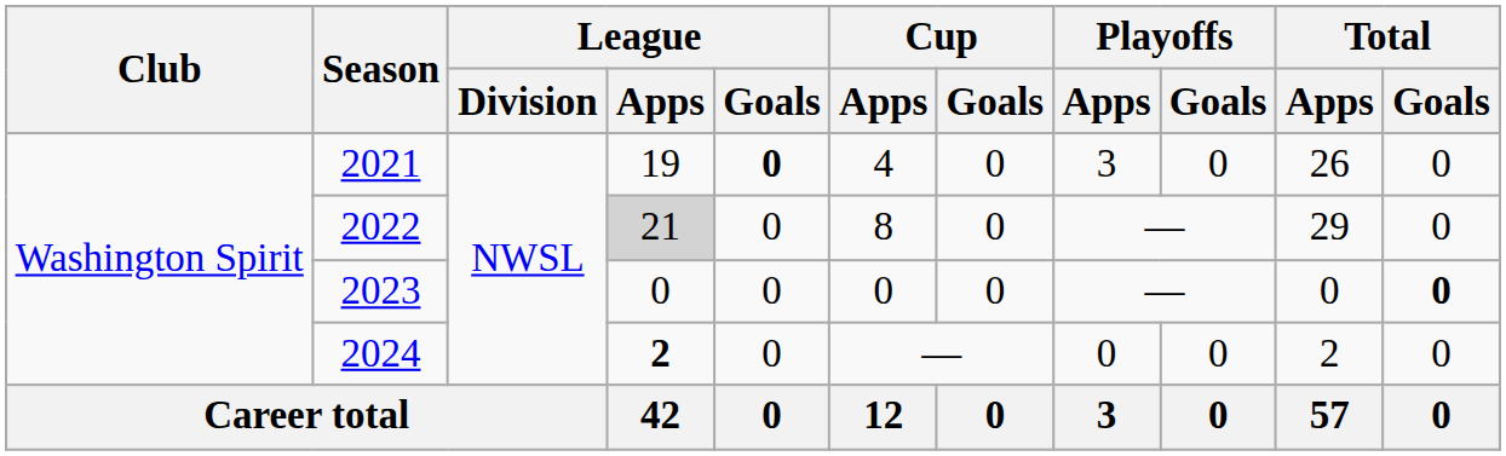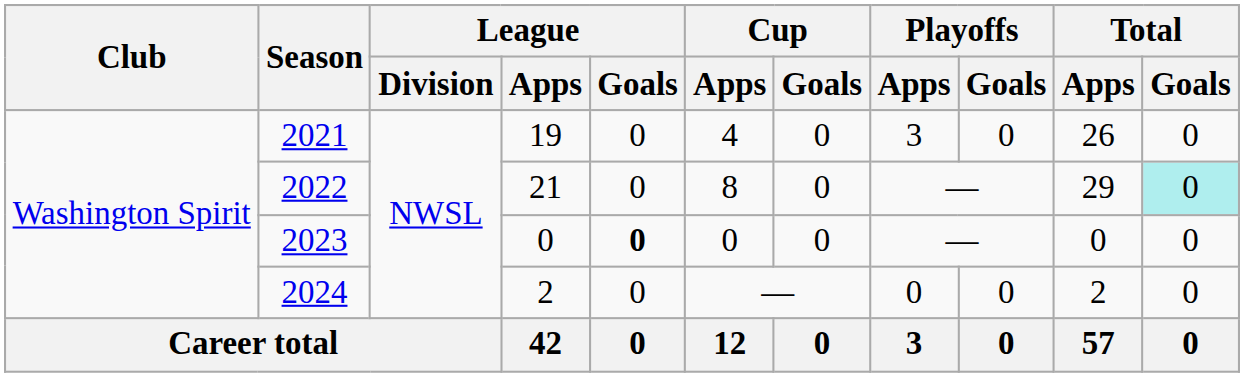 <table class="wikitable" style="text-align: center;">
 <tr>
 <th rowspan=2 scope="col">Club</th>
 <th rowspan=2 scope="col">Season</th>
 <th colspan=3 scope="col">League</th>
 <th colspan=2 scope="col">Cup</th>
 <th colspan=2 scope="col">Playoffs</th>
 <th colspan=2 scope="col">Total</th>
 </tr>
 <tr>
 <th>Division</th>
 <th>Apps</th>
 <th>Goals</th>
 <th>Apps</th>
 <th>Goals</th>
 <th>Apps</th>
 <th>Goals</th>
 <th>Apps</th>
 <th>Goals</th>
 </tr>
 <tr>
 <td rowspan=4><a href='#'>Washington Spirit</a></td>
 <td><a href='#'>2021</a></td>
 <td rowspan=4><a href='#'>NWSL</a></td>
 <td>19</td>
-<td><strong>0</strong></td>
+<td>0</td>
 <td>4</td>
 <td>0</td>
 <td>3</td>
 <td>0</td>
 <td>26</td>
 <td>0</td>
 </tr>
 <tr>
 <td><a href='#'>2022</a></td>
-<td style="background: lightgrey;">21</td>
+<td>21</td>
 <td>0</td>
 <td>8</td>
 <td>0</td>
 <td colspan=2>—</td>
 <td>29</td>
-<td>0</td>
+<td style="background: paleturquoise;">0</td>
 </tr>
 <tr>
 <td><a href='#'>2023</a></td>
 <td>0</td>
-<td>0</td>
+<td><strong>0</strong></td>
 <td>0</td>
 <td>0</td>
 <td colspan=2>—</td>
 <td>0</td>
-<td><strong>0</strong></td>
+<td>0</td>
 </tr>
 <tr>
 <td><a href='#'>2024</a></td>
-<td><strong>2</strong></td>
+<td>2</td>
 <td>0</td>
 <td colspan=2>—</td>
 <td>0</td>
 <td>0</td>
 <td>2</td>
 <td>0</td>
 </tr>
 <tr>
 <th colspan=3>Career total</th>
 <th>42</th>
 <th>0</th>
 <th>12</th>
 <th>0</th>
 <th>3</th>
 <th>0</th>
 <th>57</th>
 <th>0</th>
 </tr>
 </table>
